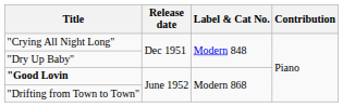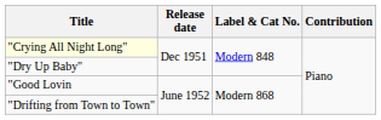 <table class="wikitable">
 <tr>
 <th>Title</th>
 <th>Release<br>date</th>
 <th>Label & Cat No.</th>
 <th>Contribution</th>
 </tr>
 <tr>
-<td>"Crying All Night Long"</td>
+<td style="background: lightyellow;">"Crying All Night Long"</td>
 <td rowspan="2">Dec 1951</td>
 <td rowspan="2"><a href='#'>Modern</a> 848</td>
 <td rowspan="4">Piano</td>
 </tr>
 <tr>
 <td>"Dry Up Baby"</td>
 </tr>
 <tr>
-<td><strong>"Good Lovin</strong></td>
+<td>"Good Lovin</td>
 <td rowspan="2">June 1952</td>
 <td rowspan="2">Modern 868</td>
 </tr>
 <tr>
 <td>"Drifting from Town to Town"</td>
 </tr>
 </table>
